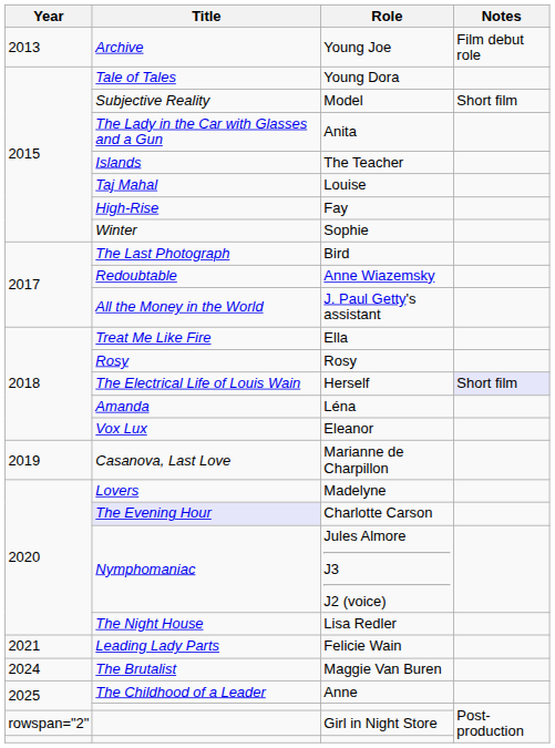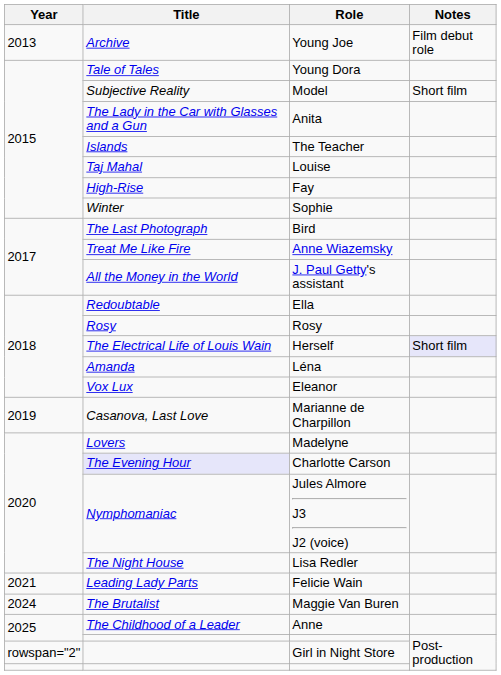 <table class="wikitable sortable">
 <tr>
 <th>Year</th>
 <th>Title</th>
 <th>Role</th>
 <th class="unsortable">Notes</th>
 </tr>
 <tr>
 <td>2013</td>
 <td><em><a href='#'>Archive</a></em></td>
 <td>Young Joe</td>
 <td>Film debut role</td>
 </tr>
 <tr>
 <td rowspan="7">2015</td>
 <td><em><a href='#'>Tale of Tales</a></em></td>
 <td>Young Dora</td>
 <td></td>
 </tr>
 <tr>
 <td><em>Subjective Reality</em></td>
 <td>Model</td>
 <td>Short film</td>
 </tr>
 <tr>
 <td><em><a href='#'>The Lady in the Car with Glasses and a Gun</a></em></td>
 <td>Anita</td>
 <td></td>
 </tr>
 <tr>
 <td><em><a href='#'>Islands</a></em></td>
 <td>The Teacher</td>
 <td></td>
 </tr>
 <tr>
 <td><em><a href='#'>Taj Mahal</a></em></td>
 <td>Louise</td>
 <td></td>
 </tr>
 <tr>
 <td><em><a href='#'>High-Rise</a></em></td>
 <td>Fay</td>
 <td></td>
 </tr>
 <tr>
 <td><em>Winter</em></td>
 <td>Sophie</td>
 <td></td>
 </tr>
 <tr>
 <td rowspan="3">2017</td>
 <td><em><a href='#'>The Last Photograph</a></em></td>
 <td>Bird</td>
 <td></td>
 </tr>
 <tr>
-<td><em><a href='#'>Redoubtable</a></em></td>
+<td><em><a href='#'>Treat Me Like Fire</a></em></td>
 <td><a href='#'>Anne Wiazemsky</a></td>
 <td></td>
 </tr>
 <tr>
 <td><em><a href='#'>All the Money in the World</a></em></td>
 <td><a href='#'>J. Paul Getty</a>'s assistant</td>
 <td></td>
 </tr>
 <tr>
 <td rowspan="5">2018</td>
-<td><em><a href='#'>Treat Me Like Fire</a></em></td>
+<td><em><a href='#'>Redoubtable</a></em></td>
 <td>Ella</td>
 <td></td>
 </tr>
 <tr>
 <td><em><a href='#'>Rosy</a></em></td>
 <td>Rosy</td>
 <td></td>
 </tr>
 <tr>
 <td><em><a href='#'>The Electrical Life of Louis Wain</a></em></td>
 <td>Herself</td>
 <td style="background: lavender;">Short film</td>
 </tr>
 <tr>
 <td><em><a href='#'>Amanda</a></em></td>
 <td>Léna</td>
 <td></td>
 </tr>
 <tr>
 <td><em><a href='#'>Vox Lux</a></em></td>
 <td>Eleanor</td>
 <td></td>
 </tr>
 <tr>
 <td>2019</td>
 <td><em>Casanova, Last Love</em></td>
 <td>Marianne de Charpillon</td>
 <td></td>
 </tr>
 <tr>
 <td rowspan="4">2020</td>
 <td><em><a href='#'>Lovers</a></em></td>
 <td>Madelyne</td>
 <td></td>
 </tr>
 <tr>
 <td style="background: lavender;"><em><a href='#'>The Evening Hour</a></em></td>
 <td>Charlotte Carson</td>
 <td></td>
 </tr>
 <tr>
 <td><em><a href='#'>Nymphomaniac</a></em></td>
 <td>Jules Almore<hr>J3<hr>J2 (voice)</td>
 <td></td>
 </tr>
 <tr>
 <td><em><a href='#'>The Night House</a></em></td>
 <td>Lisa Redler</td>
 <td></td>
 </tr>
 <tr>
 <td>2021</td>
 <td><em><a href='#'>Leading Lady Parts</a></em></td>
 <td>Felicie Wain</td>
 <td></td>
 </tr>
 <tr>
 <td>2024</td>
 <td><em><a href='#'>The Brutalist</a></em></td>
 <td>Maggie Van Buren</td>
 <td></td>
 </tr>
 <tr>
 <td rowspan="2">2025</td>
 <td><em><a href='#'>The Childhood of a Leader</a></em></td>
 <td>Anne</td>
 <td></td>
 </tr>
 <tr>
 <td></td>
 <td></td>
 <td rowspan="3">Post-production</td>
 </tr>
 <tr>
 <td>rowspan="2" </td>
 <td></td>
 <td>Girl in Night Store</td>
 </tr>
 <tr>
 <td></td>
 <td></td>
 </tr>
 </table>
